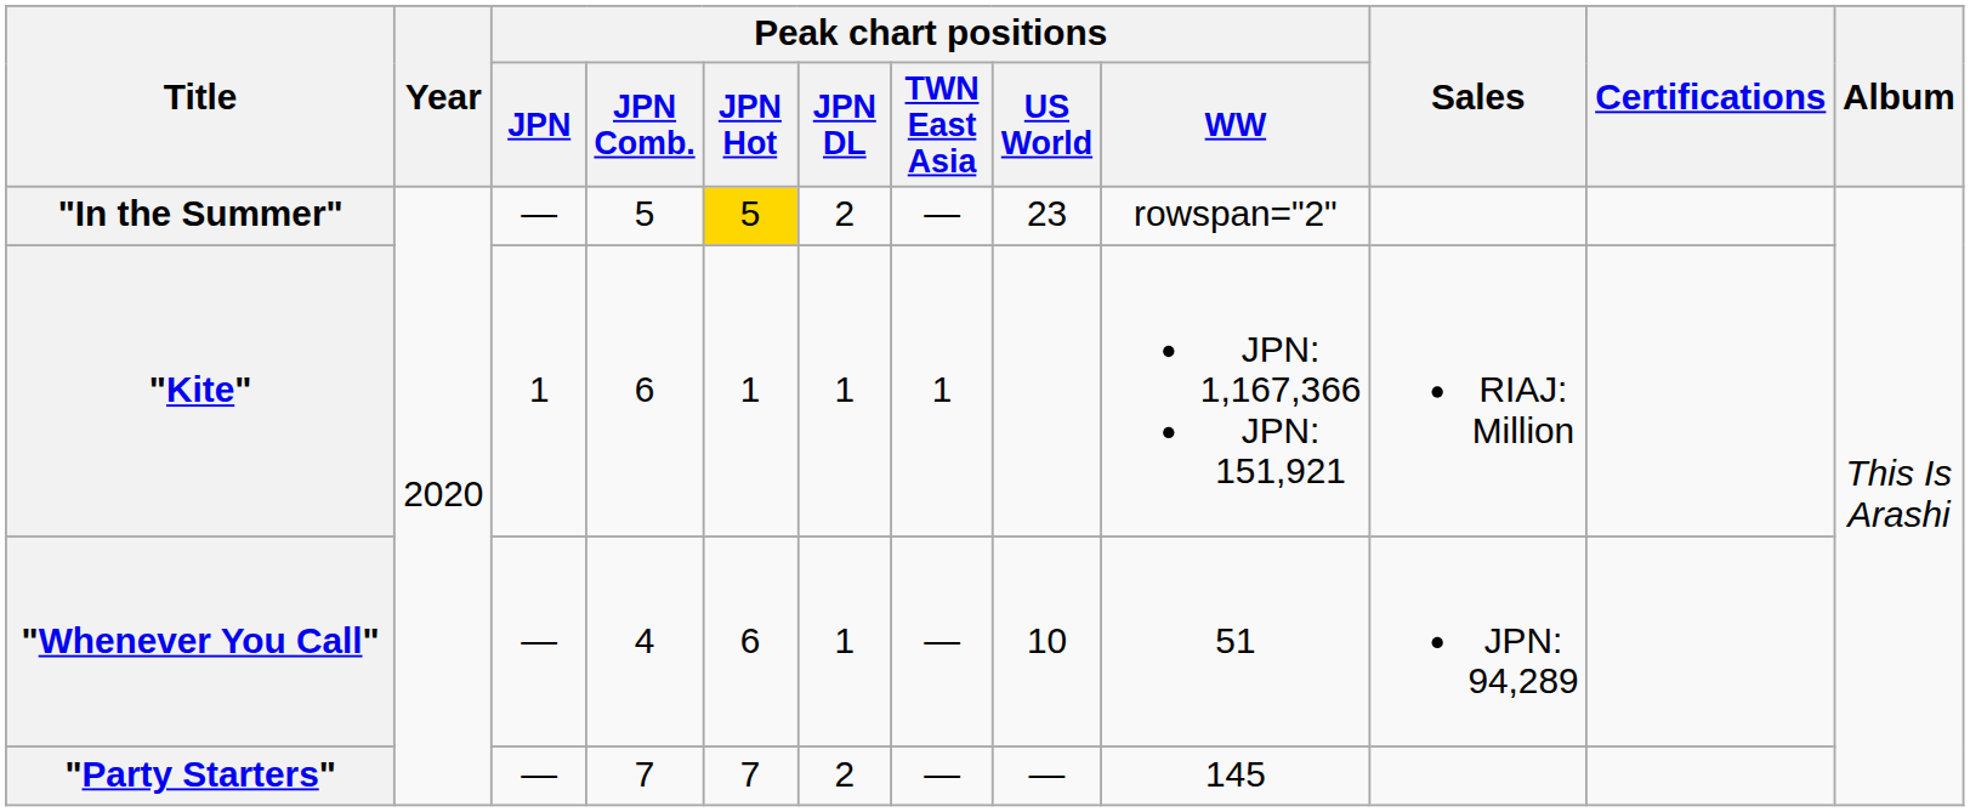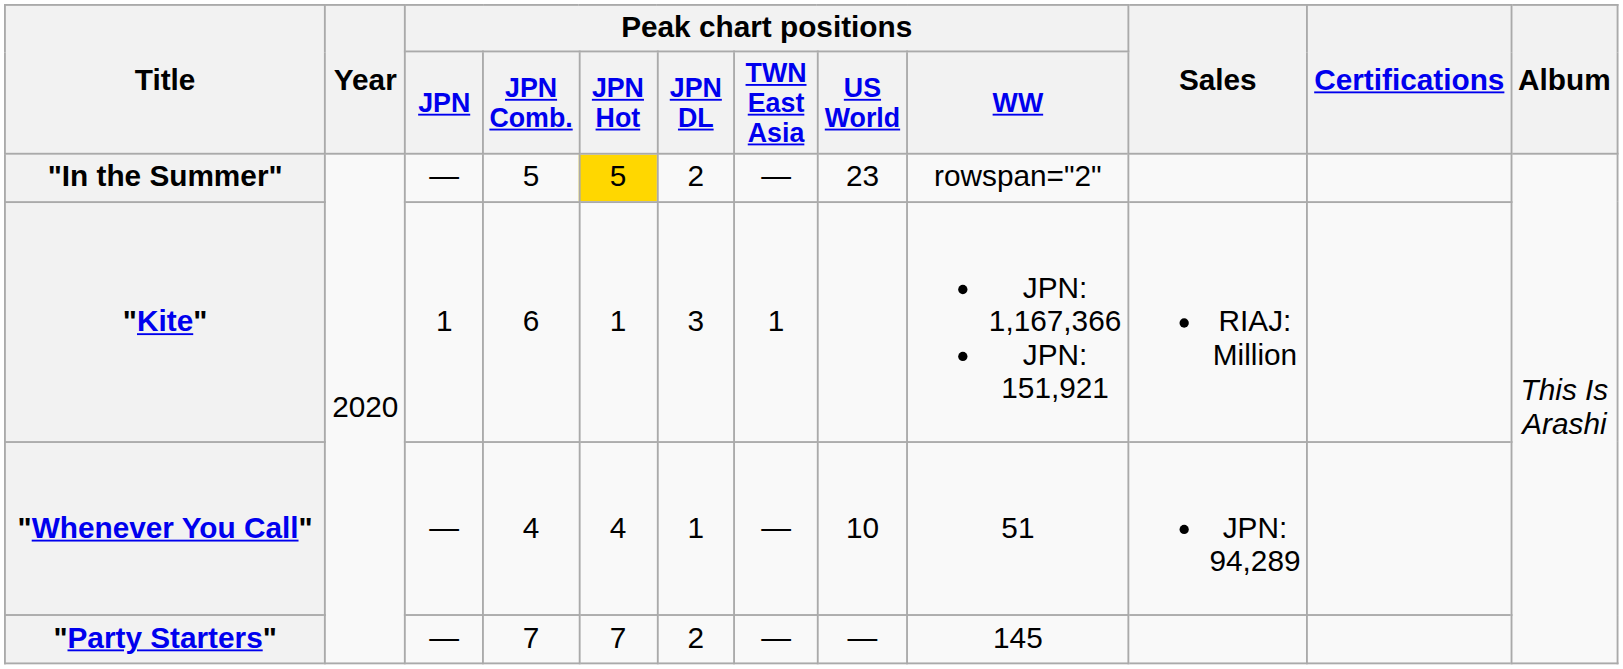 <table class="wikitable plainrowheaders" style="text-align: center;" border="1">
 <tr>
 <th rowspan="2" scope="col" style="width:16em;">Title</th>
 <th rowspan="2" scope="col" style="width:1em;">Year</th>
 <th colspan="7" scope="col">Peak chart positions</th>
 <th rowspan="2">Sales</th>
 <th rowspan="2" scope="col"><a href='#'>Certifications</a></th>
 <th rowspan="2" scope="col">Album</th>
 </tr>
 <tr>
 <th scope="col" style="width:3em;font-size:90%;"><a href='#'>JPN</a><br></th>
 <th scope="col" style="width:3em;font-size:90%;"><a href='#'>JPN<br>Comb.</a><br></th>
 <th scope="col" style="width:3em;font-size:90%;"><a href='#'>JPN<br>Hot</a><br></th>
 <th scope="col" style="width:3em;font-size:90%;"><a href='#'>JPN<br>DL</a><br></th>
 <th scope="col" style="width:3em;font-size:90%;"><a href='#'>TWN<br>East<br>Asia</a><br></th>
 <th scope="col" style="width:3em;font-size:90%;"><a href='#'>US<br>World</a><br></th>
 <th scope="col" style="width:3em;font-size:90%;"><a href='#'>WW</a><br></th>
 </tr>
 <tr>
 <th scope="row">"In the Summer"</th>
 <td rowspan="4">2020</td>
 <td>—</td>
 <td>5</td>
 <td style="background: gold;">5</td>
 <td>2</td>
 <td>—</td>
 <td>23</td>
 <td>rowspan="2" </td>
 <td></td>
 <td></td>
 <td rowspan="4"><em>This Is Arashi</em></td>
 </tr>
 <tr>
 <th scope="row">"<a href='#'>Kite</a>"</th>
 <td>1</td>
 <td>6</td>
 <td>1</td>
-<td>1</td>
+<td>3</td>
 <td>1</td>
 <td></td>
 <td><br><ul><li>JPN: 1,167,366 </li><li>JPN: 151,921 </li></ul></td>
 <td><br><ul><li>RIAJ: Million</li></ul></td>
 </tr>
 <tr>
 <th scope="row">"<a href='#'>Whenever You Call</a>"</th>
 <td>—</td>
 <td>4</td>
-<td>6</td>
+<td>4</td>
 <td>1</td>
 <td>—</td>
 <td>10</td>
 <td>51</td>
 <td><br><ul><li>JPN: 94,289 </li></ul></td>
 <td></td>
 </tr>
 <tr>
 <th scope="row">"<a href='#'>Party Starters</a>"</th>
 <td>—</td>
 <td>7</td>
 <td>7</td>
 <td>2</td>
 <td>—</td>
 <td>—</td>
 <td>145</td>
 <td></td>
 <td></td>
 </tr>
 </table>
